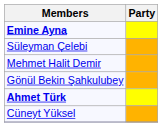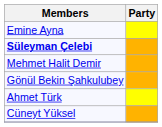 <table class=wikitable style="border:1px solid #8888aa; background-color:#f7f8ff; padding:0px; font-size:90%;">
 <tr>
 <th>Members</th>
 <th colspan="2">Party</th>
 </tr>
 <tr>
-<td><strong><a href='#'>Emine Ayna</a></strong></td>
+<td><a href='#'>Emine Ayna</a></td>
 <td style="background: #ffff00"></td>
 </tr>
 <tr>
-<td><a href='#'>Süleyman Çelebi</a></td>
+<td><strong><a href='#'>Süleyman Çelebi</a></strong></td>
 <td style="background: #ffb300"></td>
 </tr>
 <tr>
 <td><a href='#'>Mehmet Halit Demir</a></td>
 <td style="background: #ffb300"></td>
 </tr>
 <tr>
 <td><a href='#'>Gönül Bekin Şahkulubey</a></td>
 <td style="background: #ffb300"></td>
 </tr>
 <tr>
-<td><strong><a href='#'>Ahmet Türk</a></strong></td>
+<td><a href='#'>Ahmet Türk</a></td>
 <td style="background: #ffff00"></td>
 </tr>
 <tr>
 <td><a href='#'>Cüneyt Yüksel</a></td>
 <td style="background: #ffb300"></td>
 </tr>
 <tr>
 </tr>
 </table>
